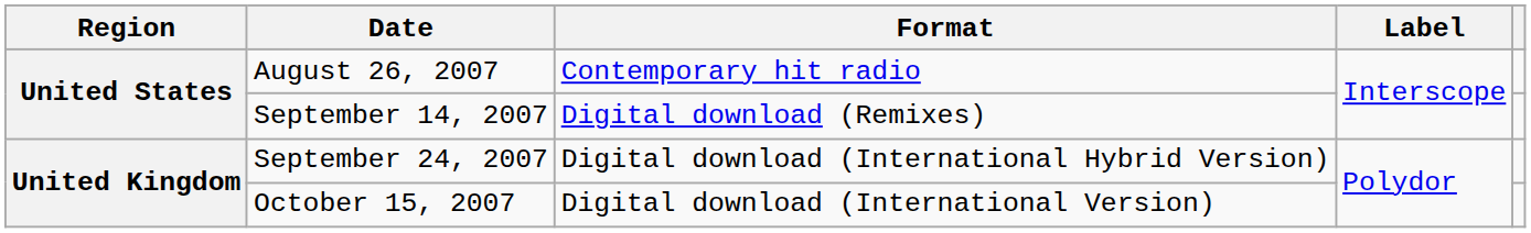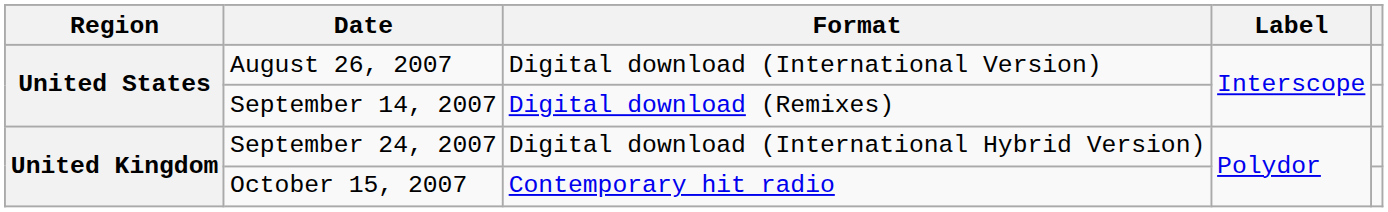 <table class="wikitable plainrowheaders">
 <tr>
 <th scope="col">Region</th>
 <th scope="col">Date</th>
 <th scope="col">Format</th>
 <th scope="col">Label</th>
 <th scope="col"></th>
 </tr>
 <tr>
 <th scope="row" rowspan="2">United States</th>
 <td>August 26, 2007</td>
-<td><a href='#'>Contemporary hit radio</a></td>
+<td>Digital download (International Version)</td>
 <td rowspan="2"><a href='#'>Interscope</a></td>
 <td align="center"></td>
 </tr>
 <tr>
 <td>September 14, 2007</td>
 <td><a href='#'>Digital download</a> (Remixes)</td>
 <td align="center"></td>
 </tr>
 <tr>
 <th scope="row" rowspan="2">United Kingdom</th>
 <td>September 24, 2007</td>
 <td>Digital download (International Hybrid Version)</td>
 <td rowspan="2"><a href='#'>Polydor</a></td>
 <td align="center"></td>
 </tr>
 <tr>
 <td>October 15, 2007</td>
-<td>Digital download (International Version)</td>
+<td><a href='#'>Contemporary hit radio</a></td>
 <td align="center"></td>
 </tr>
 </table>
